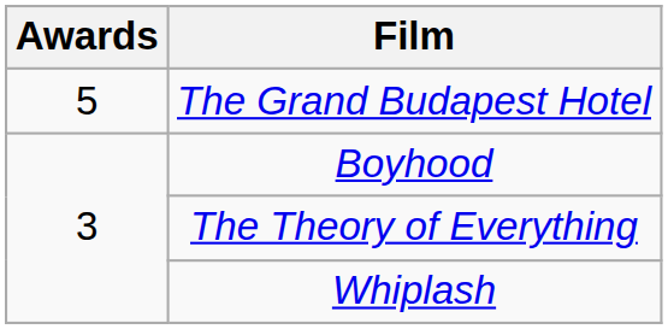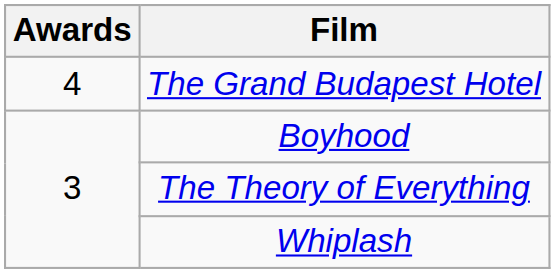 <table class="wikitable" style="text-align:center;">
 <tr>
 <th style="background:">Awards</th>
 <th style="background:">Film</th>
 </tr>
 <tr>
-<td>5</td>
+<td>4</td>
 <td><em><a href='#'>The Grand Budapest Hotel</a></em></td>
 </tr>
 <tr>
 <td rowspan="3">3</td>
 <td><em><a href='#'>Boyhood</a></em></td>
 </tr>
 <tr>
 <td><em><a href='#'>The Theory of Everything</a></em></td>
 </tr>
 <tr>
 <td><em><a href='#'>Whiplash</a></em></td>
 </tr>
 </table>
